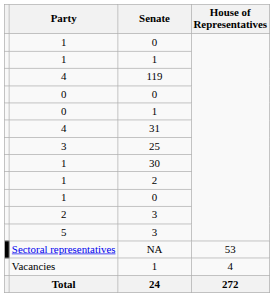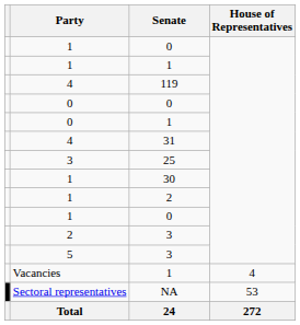 <table class="sortable wikitable" style="text-align:center;">
 <tr>
 <th></th>
 <th>Party</th>
 <th width=100px>Senate</th>
 <th width=100px>House of<br>Representatives</th>
 </tr>
 <tr>
 <td></td>
 <td>1</td>
 <td>0</td>
 </tr>
 <tr>
 <td></td>
 <td>1</td>
 <td>1</td>
 </tr>
 <tr>
 <td></td>
 <td>4</td>
 <td>119</td>
 </tr>
 <tr>
 <td></td>
 <td>0</td>
 <td>0</td>
 </tr>
 <tr>
 <td></td>
 <td>0</td>
 <td>1</td>
 </tr>
 <tr>
 <td></td>
 <td>4</td>
 <td>31</td>
 </tr>
 <tr>
 <td></td>
 <td>3</td>
 <td>25</td>
 </tr>
 <tr>
 <td></td>
 <td>1</td>
 <td>30</td>
 </tr>
 <tr>
 <td></td>
 <td>1</td>
 <td>2</td>
 </tr>
 <tr>
 <td></td>
 <td>1</td>
 <td>0</td>
 </tr>
 <tr>
 <td></td>
 <td>2</td>
 <td>3</td>
 </tr>
 <tr>
 <td></td>
 <td>5</td>
 <td>3</td>
 </tr>
 <tr>
+<td></td>
+<td align=left>Vacancies</td>
+<td>1</td>
+<td>4</td>
+</tr>
+<tr>
 <td bgcolor=black></td>
 <td align=left><a href='#'>Sectoral representatives</a></td>
 <td>NA</td>
 <td>53</td>
-</tr>
-<tr>
-<td></td>
-<td align=left>Vacancies</td>
-<td>1</td>
-<td>4</td>
 </tr>
 <tr class=sortbottom>
 <th></th>
 <th>Total</th>
 <th>24</th>
 <th>272</th>
 </tr>
 </table>
